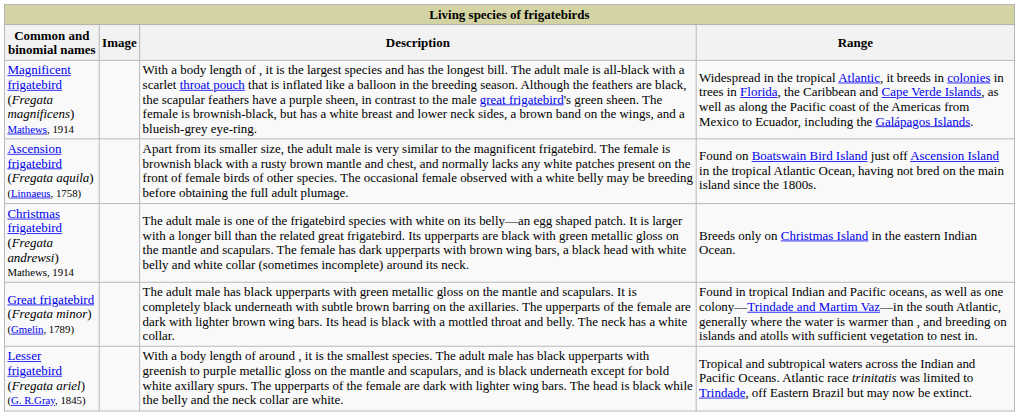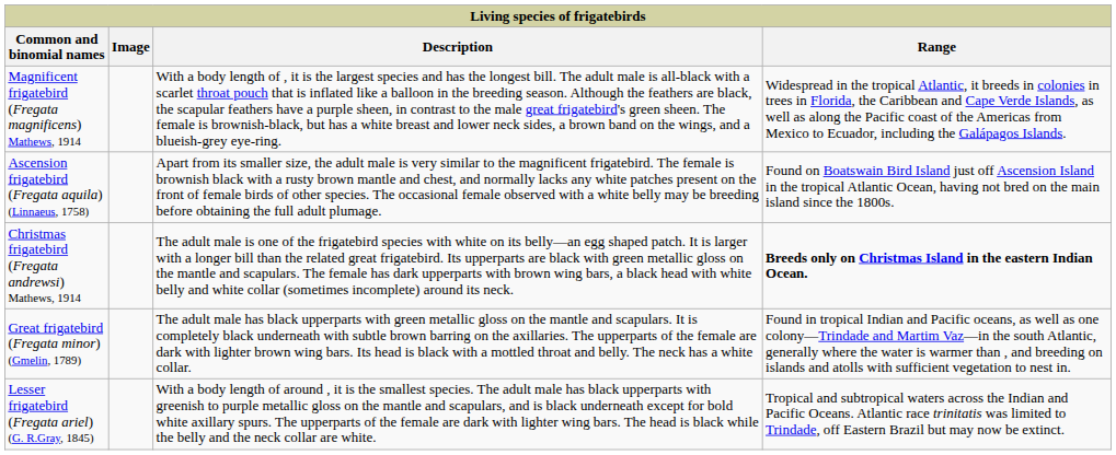 <table class="wikitable sortable">
 <tr>
 <td style="background:#d3d3a4; text-align:center;" colspan="4"><strong>Living species of frigatebirds</strong></td>
 </tr>
 <tr>
 <th>Common and binomial names</th>
 <th class="unsortable">Image</th>
 <th>Description</th>
 <th>Range</th>
 </tr>
 <tr>
 <td><a href='#'>Magnificent frigatebird</a><br>(<em>Fregata magnificens</em>)<br><small><a href='#'>Mathews</a>, 1914</small></td>
 <td></td>
 <td>With a body length of , it is the largest species and has the longest bill. The adult male is all-black with a scarlet <a href='#'>throat pouch</a> that is inflated like a balloon in the breeding season. Although the feathers are black, the scapular feathers have a purple sheen, in contrast to the male <a href='#'>great frigatebird</a>'s green sheen. The female is brownish-black, but has a white breast and lower neck sides, a brown band on the wings, and a blueish-grey  eye-ring.</td>
 <td>Widespread in the tropical <a href='#'>Atlantic</a>, it breeds in <a href='#'>colonies</a> in trees in <a href='#'>Florida</a>, the Caribbean and <a href='#'>Cape Verde Islands</a>, as well as along the Pacific coast of the Americas from Mexico to Ecuador, including the <a href='#'>Galápagos Islands</a>.</td>
 </tr>
 <tr>
 <td><a href='#'>Ascension frigatebird</a><br>(<em>Fregata aquila</em>)<br><small>(<a href='#'>Linnaeus</a>, 1758)</small></td>
 <td></td>
 <td>Apart from its smaller size, the adult male is very similar to the magnificent frigatebird. The female is brownish black with a rusty brown mantle and chest, and normally lacks any white patches present on the front of female birds of other species. The occasional female observed with a white belly may be breeding before obtaining the full adult plumage.</td>
 <td>Found on <a href='#'>Boatswain Bird Island</a> just off <a href='#'>Ascension Island</a> in the tropical Atlantic Ocean, having not bred on the main island since the 1800s.</td>
 </tr>
 <tr>
 <td><a href='#'>Christmas frigatebird</a><br>(<em>Fregata andrewsi</em>)<br><small>Mathews, 1914</small></td>
 <td></td>
 <td>The adult male is one of the frigatebird species with white on its belly—an egg shaped patch. It is larger with a longer bill than the related great frigatebird. Its upperparts are black with green metallic gloss on the mantle and scapulars. The female has dark upperparts with brown wing bars, a black head with white belly and white collar (sometimes incomplete) around its neck.</td>
-<td>Breeds only on <a href='#'>Christmas Island</a> in the eastern Indian Ocean.</td>
+<td><strong>Breeds only on <a href='#'>Christmas Island</a> in the eastern Indian Ocean.</strong></td>
 </tr>
 <tr>
 <td><a href='#'>Great frigatebird</a><br>(<em>Fregata minor</em>)<br><small>(<a href='#'>Gmelin</a>, 1789)</small></td>
 <td></td>
 <td>The adult male has black upperparts with green metallic gloss on the mantle and scapulars. It is completely black underneath with subtle brown barring on the axillaries. The upperparts of the female are dark with lighter brown wing bars. Its head is black with a mottled throat and belly. The neck has a white collar.</td>
 <td>Found in tropical Indian and Pacific oceans, as well as one colony—<a href='#'>Trindade and Martim Vaz</a>—in the south Atlantic, generally where the water is warmer than , and breeding on islands and atolls with sufficient vegetation to nest in.</td>
 </tr>
 <tr>
 <td><a href='#'>Lesser frigatebird</a><br>(<em>Fregata ariel</em>)<br><small>(<a href='#'>G. R.Gray</a>, 1845)</small></td>
 <td></td>
 <td>With a body length of around , it is the smallest species. The adult male has black upperparts with greenish to purple metallic gloss on the mantle and scapulars, and is black underneath except for bold white axillary spurs. The upperparts of the female are dark with lighter wing bars. The head is black while the belly and the neck collar are white.</td>
 <td>Tropical and subtropical waters across the Indian and Pacific Oceans. Atlantic race <em>trinitatis</em> was limited to  <a href='#'>Trindade</a>, off Eastern Brazil but may now be extinct.</td>
 </tr>
 </table>
